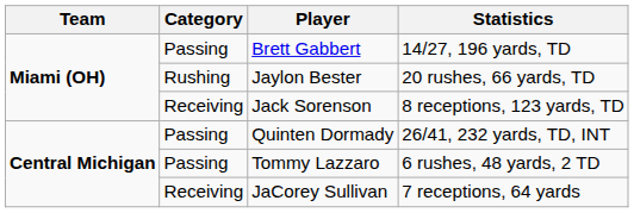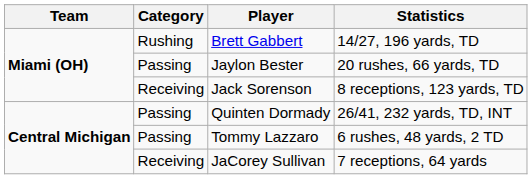 <table class="wikitable" style="float: left;">
 <tr>
 <th>Team</th>
 <th>Category</th>
 <th>Player</th>
 <th>Statistics</th>
 </tr>
 <tr>
 <td rowspan=3><strong>Miami (OH)</strong></td>
-<td>Passing</td>
+<td>Rushing</td>
 <td><a href='#'>Brett Gabbert</a></td>
 <td>14/27, 196 yards, TD</td>
 </tr>
 <tr>
-<td>Rushing</td>
+<td>Passing</td>
 <td>Jaylon Bester</td>
 <td>20 rushes, 66 yards, TD</td>
 </tr>
 <tr>
 <td>Receiving</td>
 <td>Jack Sorenson</td>
 <td>8 receptions, 123 yards, TD</td>
 </tr>
 <tr>
 <td rowspan=3><strong>Central Michigan</strong></td>
 <td>Passing</td>
 <td>Quinten Dormady</td>
 <td>26/41, 232 yards, TD, INT</td>
 </tr>
 <tr>
 <td>Passing</td>
 <td>Tommy Lazzaro</td>
 <td>6 rushes, 48 yards, 2 TD</td>
 </tr>
 <tr>
 <td>Receiving</td>
 <td>JaCorey Sullivan</td>
 <td>7 receptions, 64 yards</td>
 </tr>
 </table>
